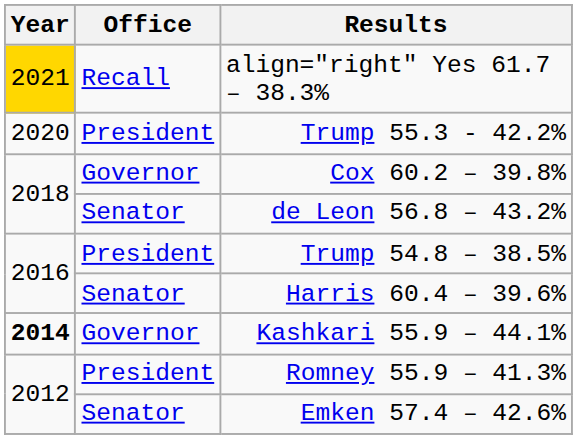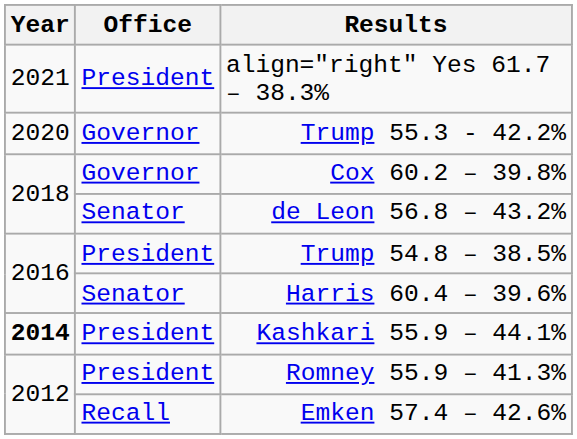 <table class=wikitable>
 <tr>
 <th width="30">Year</th>
 <th width="60">Office</th>
 <th width="180">Results</th>
 </tr>
 <tr>
-<td style="background: gold;">2021</td>
-<td><a href='#'>Recall</a></td>
+<td>2021</td>
+<td><a href='#'>President</a></td>
 <td>align="right"  Yes 61.7 – 38.3%</td>
 </tr>
 <tr>
 <td rowspan="1">2020</td>
-<td><a href='#'>President</a></td>
+<td><a href='#'>Governor</a></td>
 <td align="right" ><a href='#'>Trump</a> 55.3 - 42.2%</td>
 </tr>
 <tr>
 <td rowspan="2">2018</td>
 <td><a href='#'>Governor</a></td>
 <td align="right" ><a href='#'>Cox</a> 60.2 – 39.8%</td>
 </tr>
 <tr>
 <td><a href='#'>Senator</a></td>
 <td align="right" ><a href='#'>de Leon</a> 56.8 – 43.2%</td>
 </tr>
 <tr>
 <td rowspan="2">2016</td>
 <td><a href='#'>President</a></td>
 <td align="right" ><a href='#'>Trump</a> 54.8 – 38.5%</td>
 </tr>
 <tr>
 <td><a href='#'>Senator</a></td>
 <td align="right" ><a href='#'>Harris</a> 60.4 – 39.6%</td>
 </tr>
 <tr>
 <td><strong>2014</strong></td>
-<td><a href='#'>Governor</a></td>
+<td><a href='#'>President</a></td>
 <td align="right" ><a href='#'>Kashkari</a> 55.9 – 44.1%</td>
 </tr>
 <tr>
 <td rowspan="2">2012</td>
 <td><a href='#'>President</a></td>
 <td align="right" ><a href='#'>Romney</a> 55.9 – 41.3%</td>
 </tr>
 <tr>
-<td><a href='#'>Senator</a></td>
+<td><a href='#'>Recall</a></td>
 <td align="right" ><a href='#'>Emken</a> 57.4 – 42.6%</td>
 </tr>
 </table>
